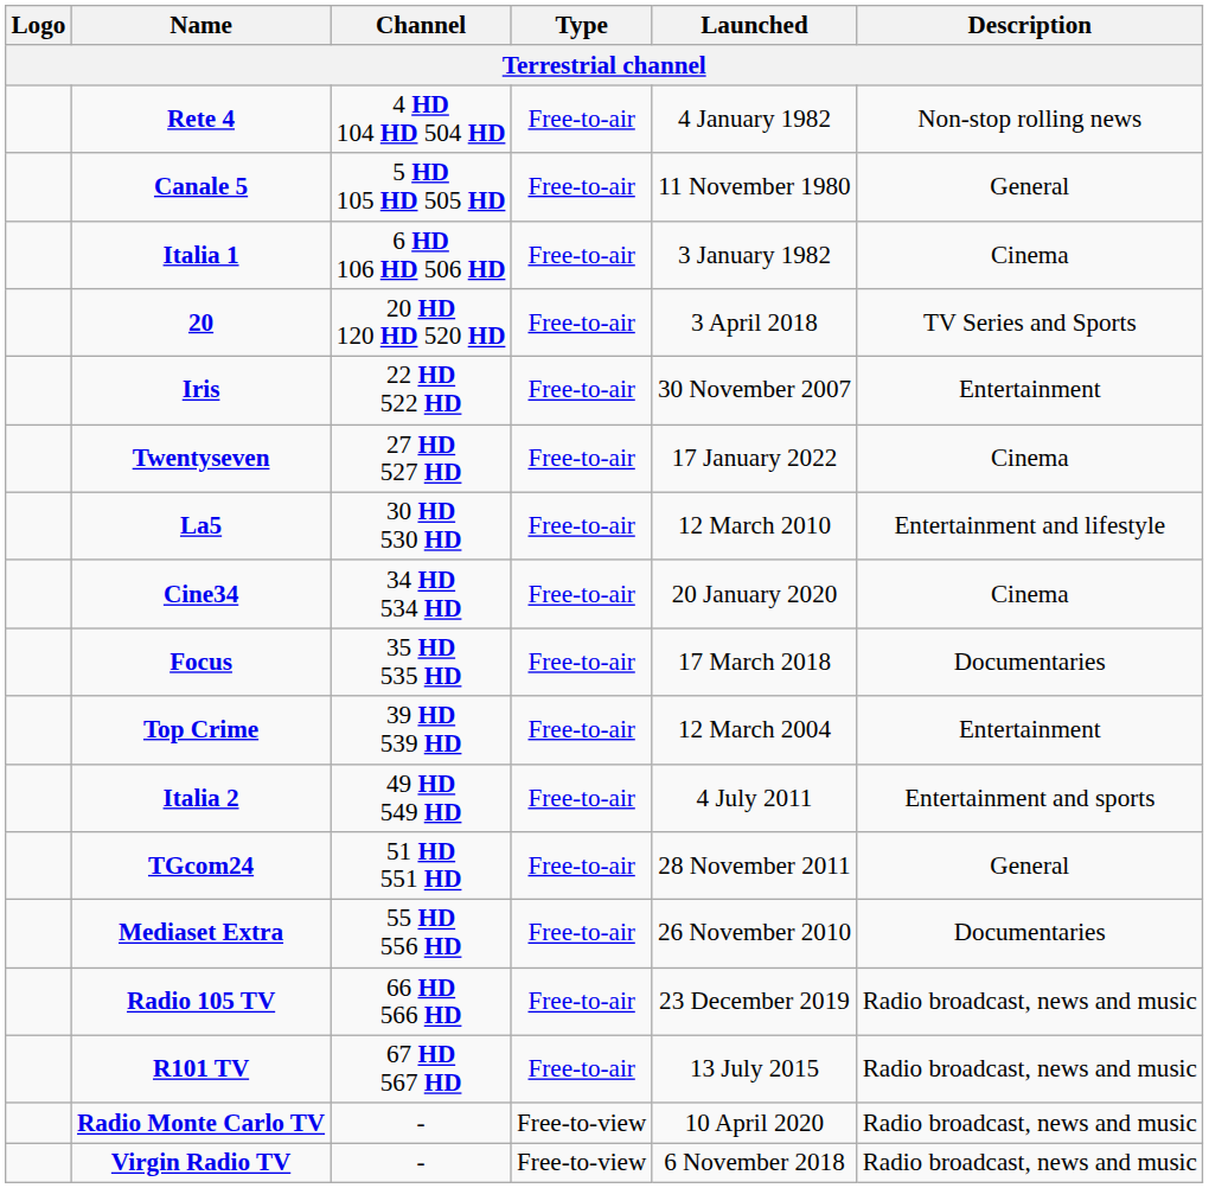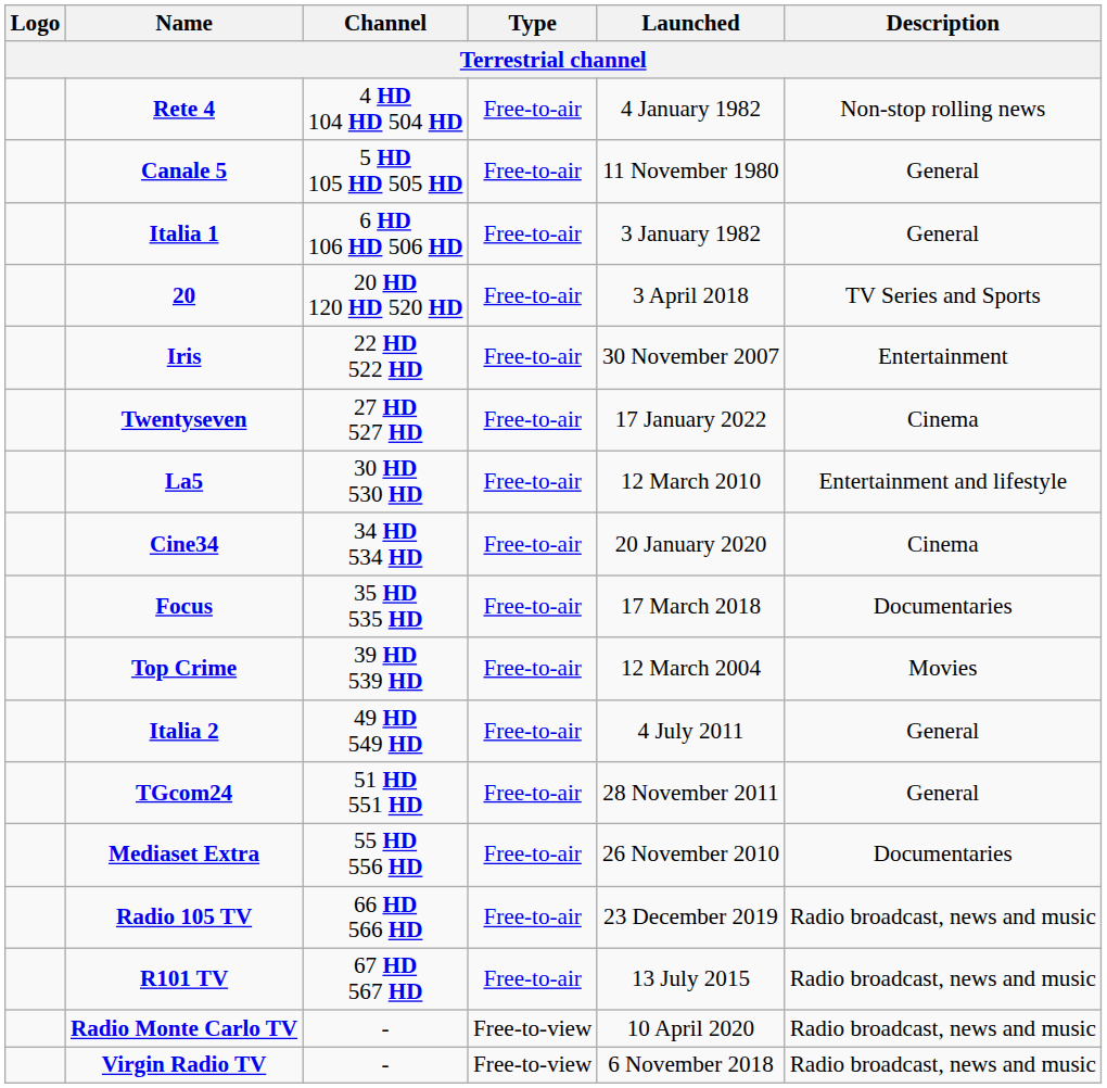 <table class="wikitable" style="text-align:center">
 <tr>
 <th>Logo</th>
 <th>Name</th>
 <th>Channel</th>
 <th>Type</th>
 <th>Launched</th>
 <th>Description</th>
 </tr>
 <tr>
 <th colspan="6"><a href='#'>Terrestrial channel</a></th>
 </tr>
 <tr>
 <td></td>
 <td><strong><a href='#'>Rete 4</a></strong></td>
 <td>4 <strong><a href='#'>HD</a></strong><br>104 <strong><a href='#'>HD</a></strong> 504 <strong><a href='#'>HD</a></strong></td>
 <td><a href='#'>Free-to-air</a></td>
 <td>4 January 1982</td>
 <td>Non-stop rolling news</td>
 </tr>
 <tr>
 <td></td>
 <td><strong><a href='#'>Canale 5</a></strong></td>
 <td>5 <strong><a href='#'>HD</a></strong><br>105 <strong><a href='#'>HD</a></strong> 505 <strong><a href='#'>HD</a></strong></td>
 <td><a href='#'>Free-to-air</a></td>
 <td>11 November 1980</td>
 <td>General</td>
 </tr>
 <tr>
 <td></td>
 <td><strong><a href='#'>Italia 1</a></strong></td>
 <td>6 <strong><a href='#'>HD</a></strong><br>106 <strong><a href='#'>HD</a></strong> 506 <strong><a href='#'>HD</a></strong></td>
 <td><a href='#'>Free-to-air</a></td>
 <td>3 January 1982</td>
-<td>Cinema</td>
+<td>General</td>
 </tr>
 <tr>
 <td></td>
 <td><strong><a href='#'>20</a></strong></td>
 <td>20 <strong><a href='#'>HD</a></strong><br>120 <strong><a href='#'>HD</a></strong> 520 <strong><a href='#'>HD</a></strong></td>
 <td><a href='#'>Free-to-air</a></td>
 <td>3 April 2018</td>
 <td>TV Series and Sports</td>
 </tr>
 <tr>
 <td></td>
 <td><strong><a href='#'>Iris</a></strong></td>
 <td>22 <strong><a href='#'>HD</a></strong><br>522 <strong><a href='#'>HD</a></strong></td>
 <td><a href='#'>Free-to-air</a></td>
 <td>30 November 2007</td>
 <td>Entertainment</td>
 </tr>
 <tr>
 <td></td>
 <td><strong><a href='#'>Twentyseven</a></strong></td>
 <td>27 <strong><a href='#'>HD</a></strong><br>527 <strong><a href='#'>HD</a></strong></td>
 <td><a href='#'>Free-to-air</a></td>
 <td>17 January  2022</td>
 <td>Cinema</td>
 </tr>
 <tr>
 <td></td>
 <td><strong><a href='#'>La5</a></strong></td>
 <td>30 <strong><a href='#'>HD</a></strong><br>530 <strong><a href='#'>HD</a></strong></td>
 <td><a href='#'>Free-to-air</a></td>
 <td>12 March 2010</td>
 <td>Entertainment and lifestyle</td>
 </tr>
 <tr>
 <td></td>
 <td><strong><a href='#'>Cine34</a></strong></td>
 <td>34 <strong><a href='#'>HD</a></strong><br>534 <strong><a href='#'>HD</a></strong></td>
 <td><a href='#'>Free-to-air</a></td>
 <td>20 January 2020</td>
 <td>Cinema</td>
 </tr>
 <tr>
 <td></td>
 <td><strong><a href='#'>Focus</a></strong></td>
 <td>35 <strong><a href='#'>HD</a></strong><br>535 <strong><a href='#'>HD</a></strong></td>
 <td><a href='#'>Free-to-air</a></td>
 <td>17 March 2018</td>
 <td>Documentaries</td>
 </tr>
 <tr>
 <td></td>
 <td><strong><a href='#'>Top Crime</a></strong></td>
 <td>39 <strong><a href='#'>HD</a></strong><br>539 <strong><a href='#'>HD</a></strong></td>
 <td><a href='#'>Free-to-air</a></td>
 <td>12 March 2004</td>
-<td>Entertainment</td>
+<td>Movies</td>
 </tr>
 <tr>
 <td></td>
 <td><strong><a href='#'>Italia 2</a></strong></td>
 <td>49 <strong><a href='#'>HD</a></strong><br>549 <strong><a href='#'>HD</a></strong></td>
 <td><a href='#'>Free-to-air</a></td>
 <td>4 July 2011</td>
-<td>Entertainment and sports</td>
+<td>General</td>
 </tr>
 <tr>
 <td></td>
 <td><strong><a href='#'>TGcom24</a></strong></td>
 <td>51 <strong><a href='#'>HD</a></strong><br>551 <strong><a href='#'>HD</a></strong></td>
 <td><a href='#'>Free-to-air</a></td>
 <td>28 November 2011</td>
 <td>General</td>
 </tr>
 <tr>
 <td></td>
 <td><strong><a href='#'>Mediaset Extra</a></strong></td>
 <td>55 <strong><a href='#'>HD</a></strong><br>556 <strong><a href='#'>HD</a></strong></td>
 <td><a href='#'>Free-to-air</a></td>
 <td>26 November 2010</td>
 <td>Documentaries</td>
 </tr>
 <tr>
 <td></td>
 <td><strong><a href='#'>Radio 105 TV</a></strong></td>
 <td>66 <strong><a href='#'>HD</a></strong><br>566 <strong><a href='#'>HD</a></strong></td>
 <td><a href='#'>Free-to-air</a></td>
 <td>23 December 2019</td>
 <td>Radio broadcast, news and music</td>
 </tr>
 <tr>
 <td></td>
 <td><strong><a href='#'>R101 TV</a></strong></td>
 <td>67 <strong><a href='#'>HD</a></strong><br>567 <strong><a href='#'>HD</a></strong></td>
 <td><a href='#'>Free-to-air</a></td>
 <td>13 July 2015</td>
 <td>Radio broadcast, news and music</td>
 </tr>
 <tr>
 <td></td>
 <td><strong><a href='#'>Radio Monte Carlo TV</a></strong></td>
 <td>-</td>
 <td>Free-to-view</td>
 <td>10 April 2020</td>
 <td>Radio broadcast, news and music</td>
 </tr>
 <tr>
 <td></td>
 <td><strong><a href='#'>Virgin Radio TV</a></strong></td>
 <td>-</td>
 <td>Free-to-view</td>
 <td>6 November 2018</td>
 <td>Radio broadcast, news and music</td>
 </tr>
 </table>
